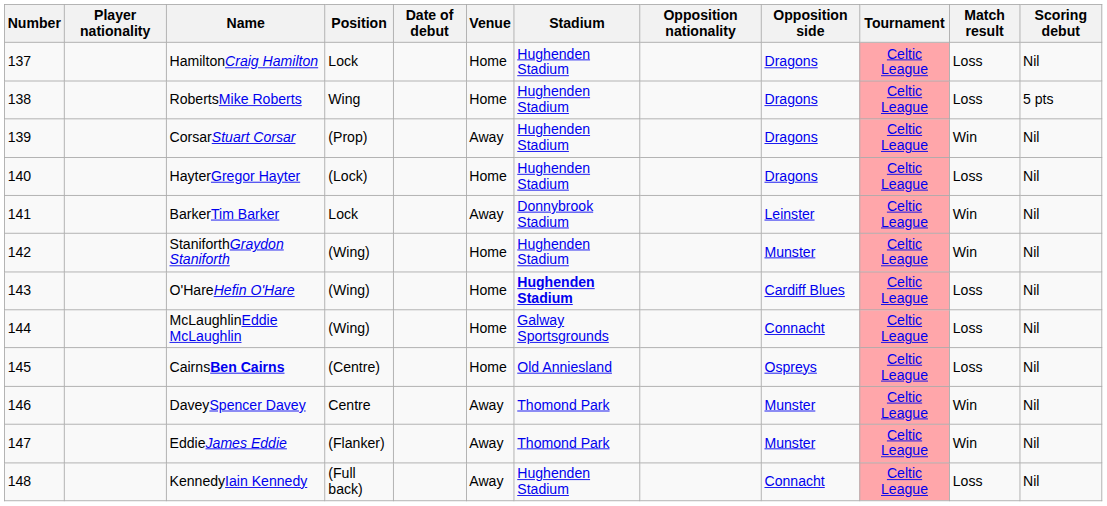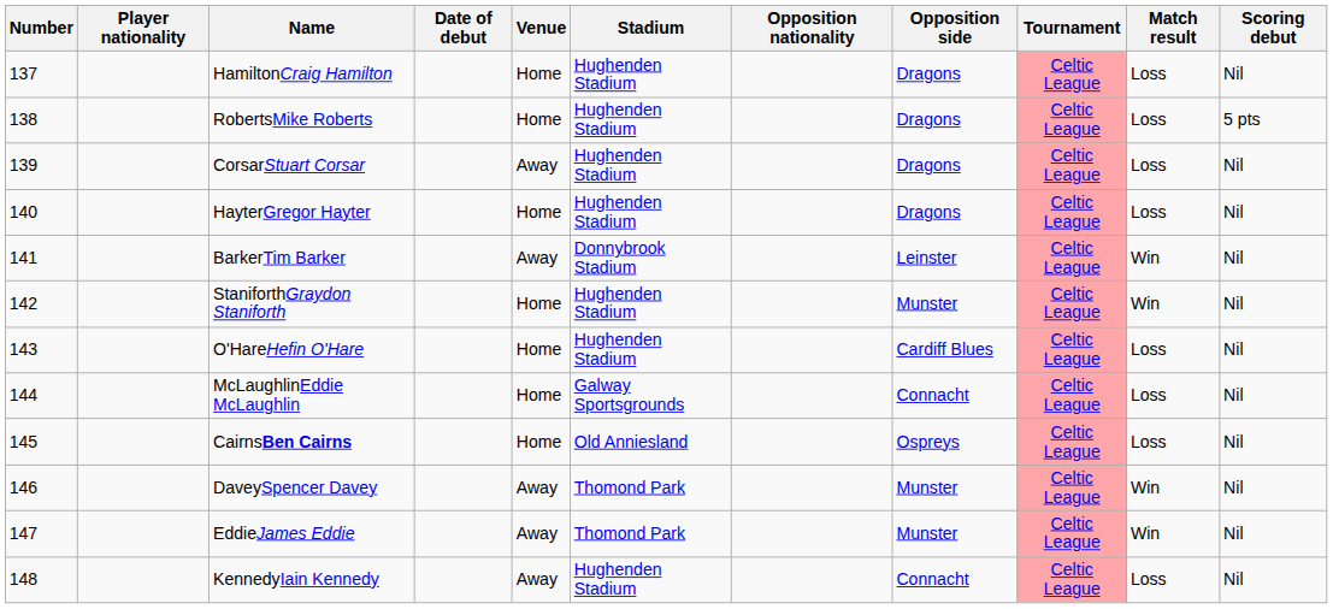 <table class="sortable wikitable">
 <tr>
 <th data-sort-type="number">Number</th>
 <th>Player nationality</th>
 <th>Name</th>
-<th>Position</th>
 <th>Date of debut</th>
 <th>Venue</th>
 <th>Stadium</th>
 <th>Opposition nationality</th>
 <th>Opposition side</th>
 <th>Tournament</th>
 <th>Match result</th>
 <th>Scoring debut</th>
 </tr>
 <tr>
 <td>137</td>
 <td style="text-align:center;"></td>
 <td><span>Hamilton</span><em><a href='#'>Craig Hamilton</a></em></td>
-<td>Lock</td>
 <td></td>
 <td>Home</td>
 <td><a href='#'>Hughenden Stadium</a></td>
 <td style="text-align:center;"></td>
 <td><a href='#'>Dragons</a></td>
 <td style="text-align:center; background:#FFA6AA;"><a href='#'>Celtic League</a></td>
 <td>Loss</td>
 <td>Nil</td>
 </tr>
 <tr>
 <td>138</td>
 <td style="text-align:center;"></td>
 <td><span>Roberts</span><a href='#'>Mike Roberts</a></td>
-<td>Wing</td>
 <td></td>
 <td>Home</td>
 <td><a href='#'>Hughenden Stadium</a></td>
 <td style="text-align:center;"></td>
 <td><a href='#'>Dragons</a></td>
 <td style="text-align:center; background:#FFA6AA;"><a href='#'>Celtic League</a></td>
 <td>Loss</td>
 <td>5 pts</td>
 </tr>
 <tr>
 <td>139</td>
 <td style="text-align:center;"></td>
 <td><span>Corsar</span><em><a href='#'>Stuart Corsar</a></em></td>
-<td>(Prop)</td>
 <td></td>
 <td>Away</td>
 <td><a href='#'>Hughenden Stadium</a></td>
 <td style="text-align:center;"></td>
 <td><a href='#'>Dragons</a></td>
 <td style="text-align:center; background:#FFA6AA;"><a href='#'>Celtic League</a></td>
-<td>Win</td>
+<td>Loss</td>
 <td>Nil</td>
 </tr>
 <tr>
 <td>140</td>
 <td style="text-align:center;"></td>
 <td><span>Hayter</span><a href='#'>Gregor Hayter</a></td>
-<td>(Lock)</td>
 <td></td>
 <td>Home</td>
 <td><a href='#'>Hughenden Stadium</a></td>
 <td style="text-align:center;"></td>
 <td><a href='#'>Dragons</a></td>
 <td style="text-align:center; background:#FFA6AA;"><a href='#'>Celtic League</a></td>
 <td>Loss</td>
 <td>Nil</td>
 </tr>
 <tr>
 <td>141</td>
 <td style="text-align:center;"></td>
 <td><span>Barker</span><a href='#'>Tim Barker</a></td>
-<td>Lock</td>
 <td></td>
 <td>Away</td>
 <td><a href='#'>Donnybrook Stadium</a></td>
 <td style="text-align:center;"></td>
 <td><a href='#'>Leinster</a></td>
 <td style="text-align:center; background:#FFA6AA;"><a href='#'>Celtic League</a></td>
 <td>Win</td>
 <td>Nil</td>
 </tr>
 <tr>
 <td>142</td>
 <td style="text-align:center;"></td>
 <td><span>Staniforth</span><em><a href='#'>Graydon Staniforth</a></em></td>
-<td>(Wing)</td>
 <td></td>
 <td>Home</td>
 <td><a href='#'>Hughenden Stadium</a></td>
 <td style="text-align:center;"></td>
 <td><a href='#'>Munster</a></td>
 <td style="text-align:center; background:#FFA6AA;"><a href='#'>Celtic League</a></td>
 <td>Win</td>
 <td>Nil</td>
 </tr>
 <tr>
 <td>143</td>
 <td style="text-align:center;"></td>
 <td><span>O'Hare</span><em><a href='#'>Hefin O'Hare</a></em></td>
-<td>(Wing)</td>
 <td></td>
 <td>Home</td>
-<td><strong><a href='#'>Hughenden Stadium</a></strong></td>
+<td><a href='#'>Hughenden Stadium</a></td>
 <td style="text-align:center;"></td>
 <td><a href='#'>Cardiff Blues</a></td>
 <td style="text-align:center; background:#FFA6AA;"><a href='#'>Celtic League</a></td>
 <td>Loss</td>
 <td>Nil</td>
 </tr>
 <tr>
 <td>144</td>
 <td style="text-align:center;"></td>
 <td><span>McLaughlin</span><a href='#'>Eddie McLaughlin</a></td>
-<td>(Wing)</td>
 <td></td>
 <td>Home</td>
 <td><a href='#'>Galway Sportsgrounds</a></td>
 <td style="text-align:center;"></td>
 <td><a href='#'>Connacht</a></td>
 <td style="text-align:center; background:#FFA6AA;"><a href='#'>Celtic League</a></td>
 <td>Loss</td>
 <td>Nil</td>
 </tr>
 <tr>
 <td>145</td>
 <td style="text-align:center;"></td>
 <td><span>Cairns</span><strong><a href='#'>Ben Cairns</a></strong></td>
-<td>(Centre)</td>
 <td></td>
 <td>Home</td>
 <td><a href='#'>Old Anniesland</a></td>
 <td style="text-align:center;"></td>
 <td><a href='#'>Ospreys</a></td>
 <td style="text-align:center; background:#FFA6AA;"><a href='#'>Celtic League</a></td>
 <td>Loss</td>
 <td>Nil</td>
 </tr>
 <tr>
 <td>146</td>
 <td style="text-align:center;"></td>
 <td><span>Davey</span><a href='#'>Spencer Davey</a></td>
-<td>Centre</td>
 <td></td>
 <td>Away</td>
 <td><a href='#'>Thomond Park</a></td>
 <td style="text-align:center;"></td>
 <td><a href='#'>Munster</a></td>
 <td style="text-align:center; background:#FFA6AA;"><a href='#'>Celtic League</a></td>
 <td>Win</td>
 <td>Nil</td>
 </tr>
 <tr>
 <td>147</td>
 <td style="text-align:center;"></td>
 <td><span>Eddie</span><em><a href='#'>James Eddie</a></em></td>
-<td>(Flanker)</td>
 <td></td>
 <td>Away</td>
 <td><a href='#'>Thomond Park</a></td>
 <td style="text-align:center;"></td>
 <td><a href='#'>Munster</a></td>
 <td style="text-align:center; background:#FFA6AA;"><a href='#'>Celtic League</a></td>
 <td>Win</td>
 <td>Nil</td>
 </tr>
 <tr>
 <td>148</td>
 <td style="text-align:center;"></td>
 <td><span>Kennedy</span><a href='#'>Iain Kennedy</a></td>
-<td>(Full back)</td>
 <td></td>
 <td>Away</td>
 <td><a href='#'>Hughenden Stadium</a></td>
 <td style="text-align:center;"></td>
 <td><a href='#'>Connacht</a></td>
 <td style="text-align:center; background:#FFA6AA;"><a href='#'>Celtic League</a></td>
 <td>Loss</td>
 <td>Nil</td>
 </tr>
 </table>
